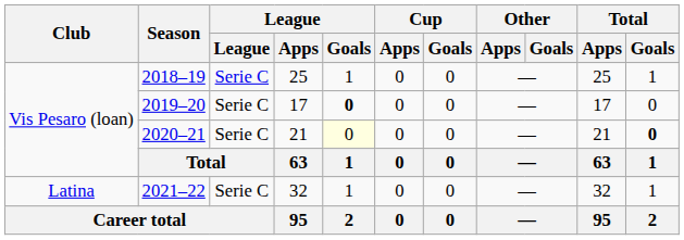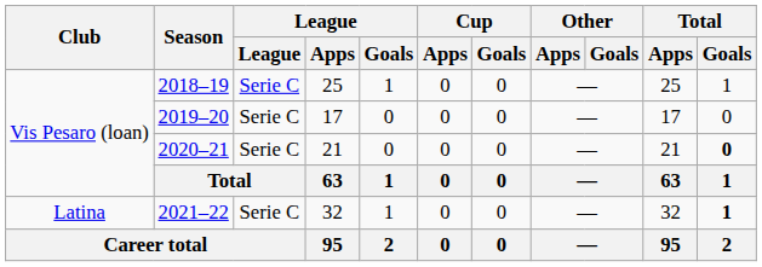 <table class="wikitable" style="text-align: center;">
 <tr>
 <th rowspan="2">Club</th>
 <th rowspan="2">Season</th>
 <th colspan="3">League</th>
 <th colspan="2">Cup</th>
 <th colspan="2">Other</th>
 <th colspan="2">Total</th>
 </tr>
 <tr>
 <th>League</th>
 <th>Apps</th>
 <th>Goals</th>
 <th>Apps</th>
 <th>Goals</th>
 <th>Apps</th>
 <th>Goals</th>
 <th>Apps</th>
 <th>Goals</th>
 </tr>
 <tr>
 <td rowspan="4"><a href='#'>Vis Pesaro</a> (loan)</td>
 <td><a href='#'>2018–19</a></td>
 <td><a href='#'>Serie C</a></td>
 <td>25</td>
 <td>1</td>
 <td>0</td>
 <td>0</td>
 <td colspan="2">—</td>
 <td>25</td>
 <td>1</td>
 </tr>
 <tr>
 <td><a href='#'>2019–20</a></td>
 <td>Serie C</td>
 <td>17</td>
-<td><strong>0</strong></td>
+<td>0</td>
 <td>0</td>
 <td>0</td>
 <td colspan="2">—</td>
 <td>17</td>
 <td>0</td>
 </tr>
 <tr>
 <td><a href='#'>2020–21</a></td>
 <td>Serie C</td>
 <td>21</td>
-<td style="background: lightyellow;">0</td>
+<td>0</td>
 <td>0</td>
 <td>0</td>
 <td colspan="2">—</td>
 <td>21</td>
 <td><strong>0</strong></td>
 </tr>
 <tr>
 <th colspan="2">Total</th>
 <th>63</th>
 <th>1</th>
 <th>0</th>
 <th>0</th>
 <th colspan="2">—</th>
 <th>63</th>
 <th>1</th>
 </tr>
 <tr>
 <td><a href='#'>Latina</a></td>
 <td><a href='#'>2021–22</a></td>
 <td>Serie C</td>
 <td>32</td>
 <td>1</td>
 <td>0</td>
 <td>0</td>
 <td colspan="2">—</td>
 <td>32</td>
-<td>1</td>
+<td><strong>1</strong></td>
 </tr>
 <tr>
 <th colspan="3">Career total</th>
 <th>95</th>
 <th>2</th>
 <th>0</th>
 <th>0</th>
 <th colspan="2">—</th>
 <th>95</th>
 <th>2</th>
 </tr>
 </table>
